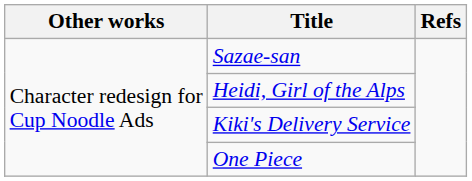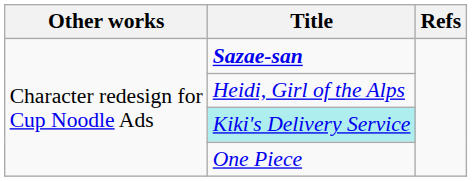 <table class="wikitable">
 <tr>
 <th>Other works</th>
 <th>Title</th>
 <th>Refs</th>
 </tr>
 <tr>
 <td rowspan="4">Character redesign for<br><a href='#'>Cup Noodle</a> Ads</td>
-<td><em><a href='#'>Sazae-san</a></em></td>
+<td><strong><em><a href='#'>Sazae-san</a></em></strong></td>
 <td rowspan="4"></td>
 </tr>
 <tr>
 <td><em><a href='#'>Heidi, Girl of the Alps</a></em></td>
 </tr>
 <tr>
-<td><em><a href='#'>Kiki's Delivery Service</a></em></td>
+<td style="background: paleturquoise;"><em><a href='#'>Kiki's Delivery Service</a></em></td>
 </tr>
 <tr>
 <td><em><a href='#'>One Piece</a></em></td>
 </tr>
 </table>
